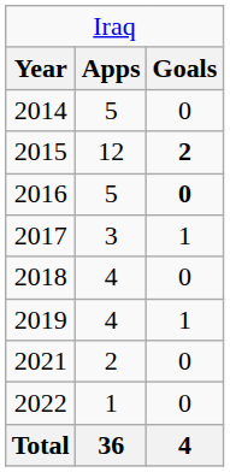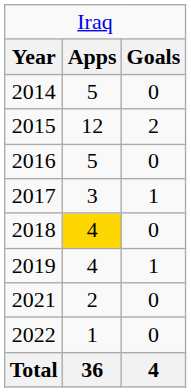 <table class="wikitable" style="text-align:center">
 <tr>
 <td colspan="3"><a href='#'>Iraq</a></td>
 </tr>
 <tr>
 <th>Year</th>
 <th>Apps</th>
 <th>Goals</th>
 </tr>
 <tr>
 <td>2014</td>
 <td>5</td>
 <td>0</td>
 </tr>
 <tr>
 <td>2015</td>
 <td>12</td>
-<td><strong>2</strong></td>
+<td>2</td>
 </tr>
 <tr>
 <td>2016</td>
 <td>5</td>
-<td><strong>0</strong></td>
+<td>0</td>
 </tr>
 <tr>
 <td>2017</td>
 <td>3</td>
 <td>1</td>
 </tr>
 <tr>
 <td>2018</td>
-<td>4</td>
+<td style="background: gold;">4</td>
 <td>0</td>
 </tr>
 <tr>
 <td>2019</td>
 <td>4</td>
 <td>1</td>
 </tr>
 <tr>
 <td>2021</td>
 <td>2</td>
 <td>0</td>
 </tr>
 <tr>
 <td>2022</td>
 <td>1</td>
 <td>0</td>
 </tr>
 <tr>
 <th>Total</th>
 <th>36</th>
 <th>4</th>
 </tr>
 </table>
